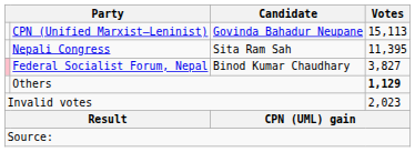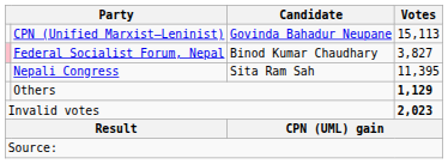 <table class="wikitable">
 <tr>
 <th colspan="2">Party</th>
 <th>Candidate</th>
 <th>Votes</th>
 </tr>
 <tr>
 <td style="background-color:"></td>
 <td><a href='#'>CPN (Unified Marxist–Leninist)</a></td>
 <td><a href='#'>Govinda Bahadur Neupane</a></td>
 <td>15,113</td>
 </tr>
 <tr>
+<td style="background-color:pink"></td>
+<td><a href='#'>Federal Socialist Forum, Nepal</a></td>
+<td>Binod Kumar Chaudhary</td>
+<td>3,827</td>
+</tr>
+<tr>
 <td style="background-color:"></td>
 <td><a href='#'>Nepali Congress</a></td>
 <td>Sita Ram Sah</td>
 <td>11,395</td>
-</tr>
-<tr>
-<td style="background-color:pink"></td>
-<td><a href='#'>Federal Socialist Forum, Nepal</a></td>
-<td>Binod Kumar Chaudhary</td>
-<td>3,827</td>
 </tr>
 <tr>
 <td></td>
 <td colspan="2">Others</td>
 <td><strong>1,129</strong></td>
 </tr>
 <tr>
 <td colspan="3">Invalid votes</td>
-<td>2,023</td>
+<td><strong>2,023</strong></td>
 </tr>
 <tr>
 <th colspan="2">Result</th>
 <th colspan="2">CPN (UML) gain</th>
 </tr>
 <tr>
 <td colspan="4">Source: </td>
 </tr>
 </table>
